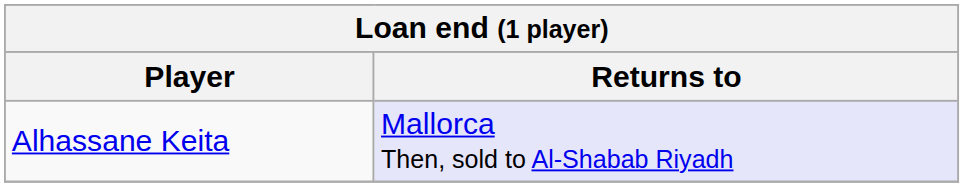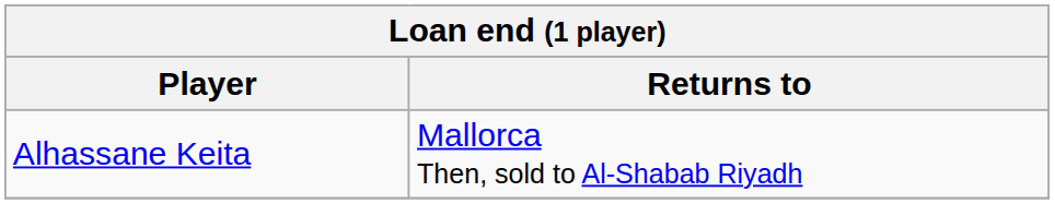 <table class="wikitable collapsible collapsed">
 <tr>
 <th colspan="2" width="500"> <strong>Loan end</strong> <small>(1 player)</small></th>
 </tr>
 <tr>
 <th>Player</th>
 <th>Returns to</th>
 </tr>
 <tr>
 <td> <a href='#'>Alhassane Keita</a></td>
-<td style="background: lavender;"> <a href='#'>Mallorca</a><br><small>Then, sold to  <a href='#'>Al-Shabab Riyadh</a></small></td>
+<td> <a href='#'>Mallorca</a><br><small>Then, sold to  <a href='#'>Al-Shabab Riyadh</a></small></td>
 </tr>
 <tr>
 </tr>
 </table>
